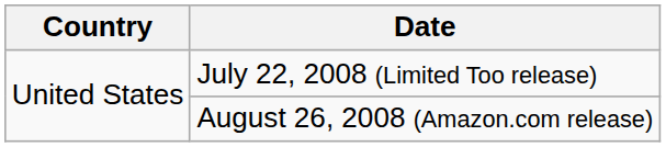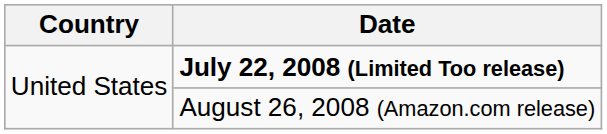 <table class="wikitable">
 <tr>
 <th>Country</th>
 <th>Date</th>
 </tr>
 <tr>
 <td rowspan="2">United States</td>
-<td>July 22, 2008 <small>(Limited Too release)</small></td>
+<td><strong>July 22, 2008 <small>(Limited Too release)</small></strong></td>
 </tr>
 <tr>
 <td>August 26, 2008 <small>(Amazon.com release)</small></td>
 </tr>
 </table>
